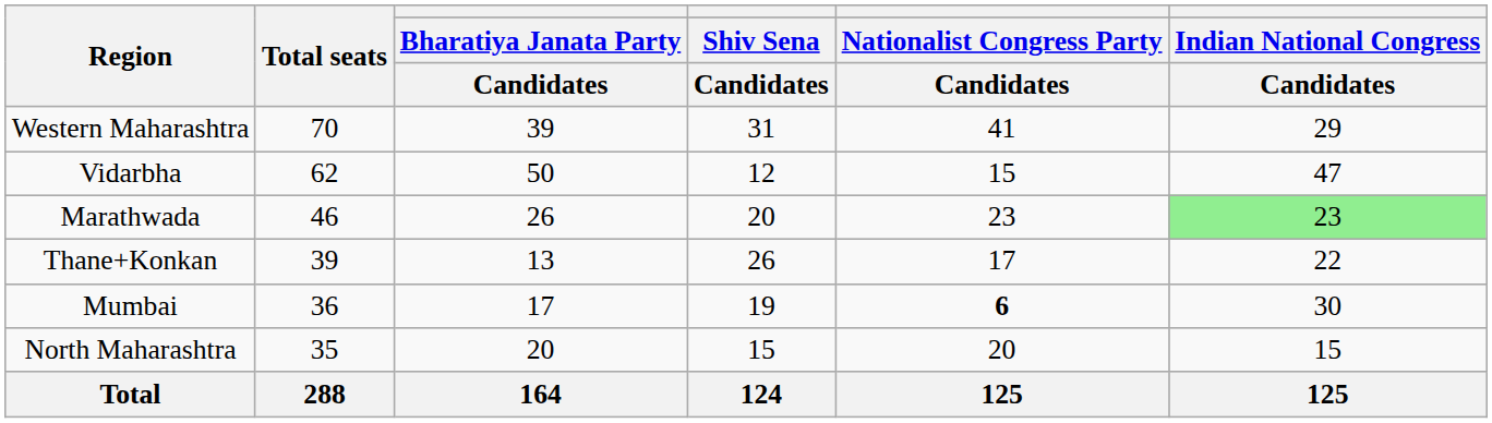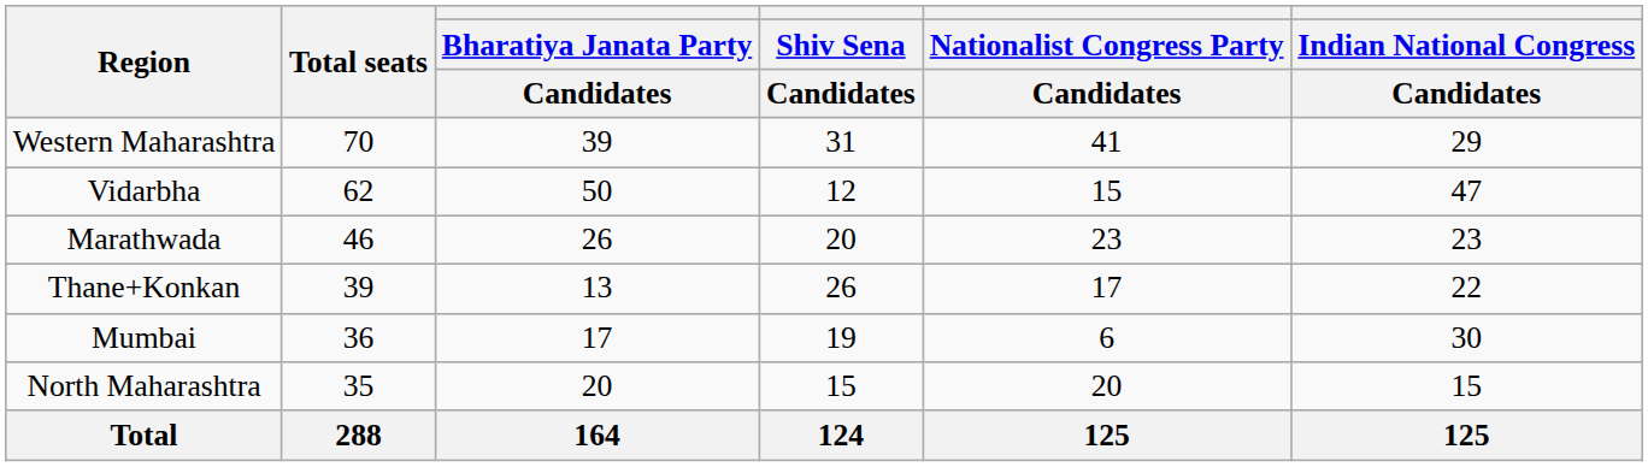 <table class="wikitable sortable" style="text-align:center;">
 <tr>
 <th rowspan="3">Region</th>
 <th rowspan="3">Total seats</th>
 <th></th>
 <th></th>
 <th></th>
 <th></th>
 </tr>
 <tr bgcolor="#cccccc">
 <th><a href='#'>Bharatiya Janata Party</a></th>
 <th><a href='#'>Shiv Sena</a></th>
 <th><a href='#'>Nationalist Congress Party</a></th>
 <th><a href='#'>Indian National Congress</a></th>
 </tr>
 <tr>
 <th>Candidates</th>
 <th>Candidates</th>
 <th>Candidates</th>
 <th>Candidates</th>
 </tr>
 <tr>
 <td>Western Maharashtra</td>
 <td>70</td>
 <td>39</td>
 <td>31</td>
 <td>41</td>
 <td>29</td>
 </tr>
 <tr>
 <td>Vidarbha</td>
 <td>62</td>
 <td>50</td>
 <td>12</td>
 <td>15</td>
 <td>47</td>
 </tr>
 <tr>
 <td>Marathwada</td>
 <td>46</td>
 <td>26</td>
 <td>20</td>
 <td>23</td>
-<td style="background: lightgreen;">23</td>
+<td>23</td>
 </tr>
 <tr>
 <td>Thane+Konkan</td>
 <td>39</td>
 <td>13</td>
 <td>26</td>
 <td>17</td>
 <td>22</td>
 </tr>
 <tr>
 <td>Mumbai</td>
 <td>36</td>
 <td>17</td>
 <td>19</td>
-<td><strong>6</strong></td>
+<td>6</td>
 <td>30</td>
 </tr>
 <tr>
 <td>North Maharashtra</td>
 <td>35</td>
 <td>20</td>
 <td>15</td>
 <td>20</td>
 <td>15</td>
 </tr>
 <tr>
 <th><strong>Total</strong></th>
 <th><strong>288</strong></th>
 <th>164</th>
 <th>124</th>
 <th>125</th>
 <th>125</th>
 </tr>
 </table>
